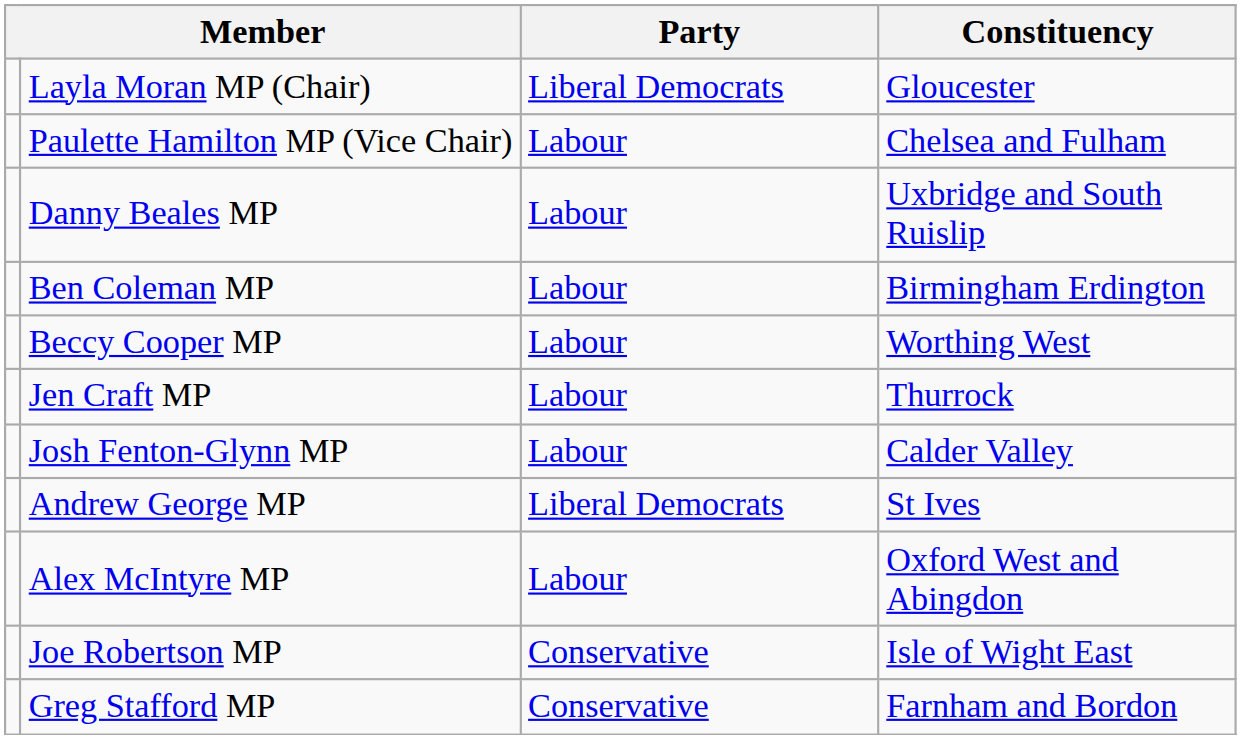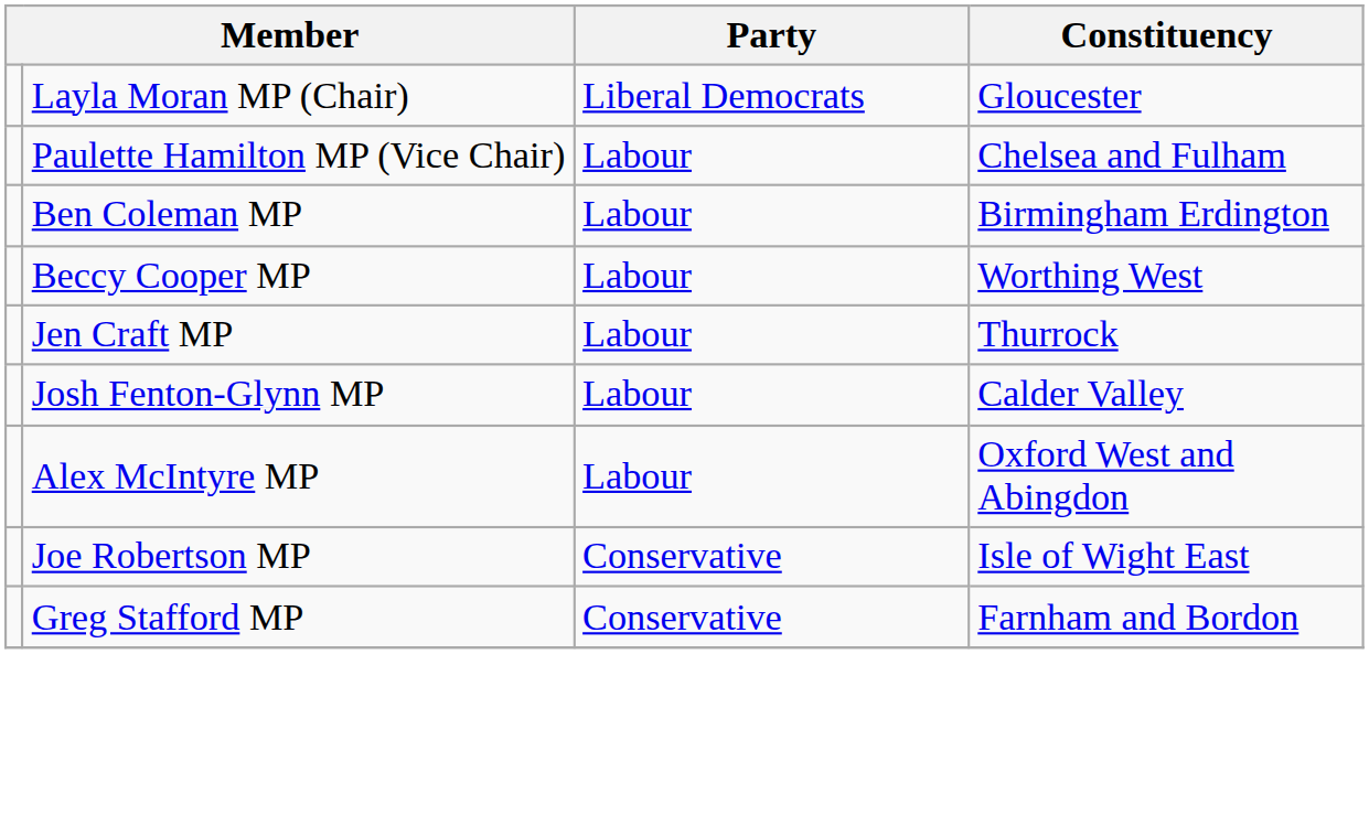 <table class="wikitable">
 <tr>
 <th colspan="2" width="160px" valign="top">Member</th>
 <th width="160px" valign="top">Party</th>
 <th width="160px" valign="top">Constituency</th>
 </tr>
 <tr>
 <td style="color:inherit;background:"></td>
 <td><a href='#'>Layla Moran</a> MP (Chair)</td>
 <td><a href='#'>Liberal Democrats</a></td>
 <td><a href='#'>Gloucester</a></td>
 </tr>
 <tr>
 <td style="color:inherit;background:"></td>
 <td><a href='#'>Paulette Hamilton</a> MP (Vice Chair)</td>
 <td><a href='#'>Labour</a></td>
 <td><a href='#'>Chelsea and Fulham</a></td>
-</tr>
-<tr>
-<td style="color:inherit;background:"></td>
-<td><a href='#'>Danny Beales</a> MP</td>
-<td><a href='#'>Labour</a></td>
-<td><a href='#'>Uxbridge and South Ruislip</a></td>
 </tr>
 <tr>
 <td style="color:inherit;background:"></td>
 <td><a href='#'>Ben Coleman</a> MP</td>
 <td><a href='#'>Labour</a></td>
 <td><a href='#'>Birmingham Erdington</a></td>
 </tr>
 <tr>
 <td style="color:inherit;background:"></td>
 <td><a href='#'>Beccy Cooper</a> MP</td>
 <td><a href='#'>Labour</a></td>
 <td><a href='#'>Worthing West</a></td>
 </tr>
 <tr>
 <td style="color:inherit;background:"></td>
 <td><a href='#'>Jen Craft</a> MP</td>
 <td><a href='#'>Labour</a></td>
 <td><a href='#'>Thurrock</a></td>
 </tr>
 <tr>
 <td style="color:inherit;background:"></td>
 <td><a href='#'>Josh Fenton-Glynn</a> MP</td>
 <td><a href='#'>Labour</a></td>
 <td><a href='#'>Calder Valley</a></td>
 </tr>
 <tr>
-<td></td>
-<td><a href='#'>Andrew George</a> MP</td>
-<td><a href='#'>Liberal Democrats</a></td>
-<td><a href='#'>St Ives</a></td>
-</tr>
-<tr>
 <td style="color:inherit;background:"></td>
 <td><a href='#'>Alex McIntyre</a> MP</td>
 <td><a href='#'>Labour</a></td>
 <td><a href='#'>Oxford West and Abingdon</a></td>
 </tr>
 <tr>
 <td style="color:inherit;background:"></td>
 <td><a href='#'>Joe Robertson</a> MP</td>
 <td><a href='#'>Conservative</a></td>
 <td><a href='#'>Isle of Wight East</a></td>
 </tr>
 <tr>
 <td style="color:inherit;background:"></td>
 <td><a href='#'>Greg Stafford</a> MP</td>
 <td><a href='#'>Conservative</a></td>
 <td><a href='#'>Farnham and Bordon</a></td>
 </tr>
 <tr>
 </tr>
 </table>
